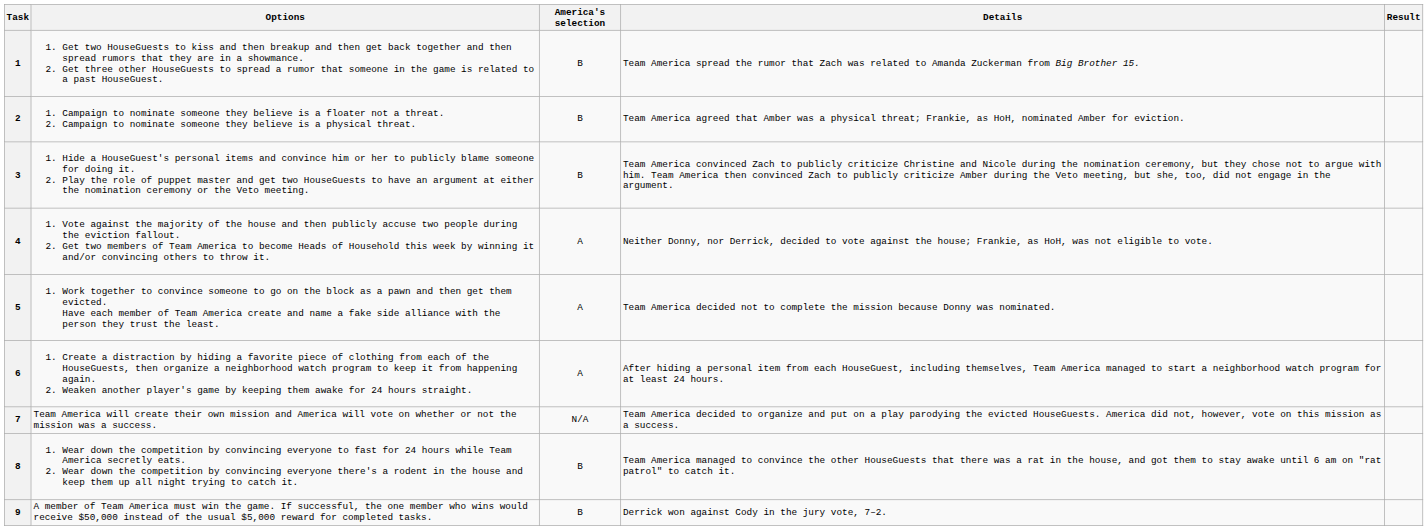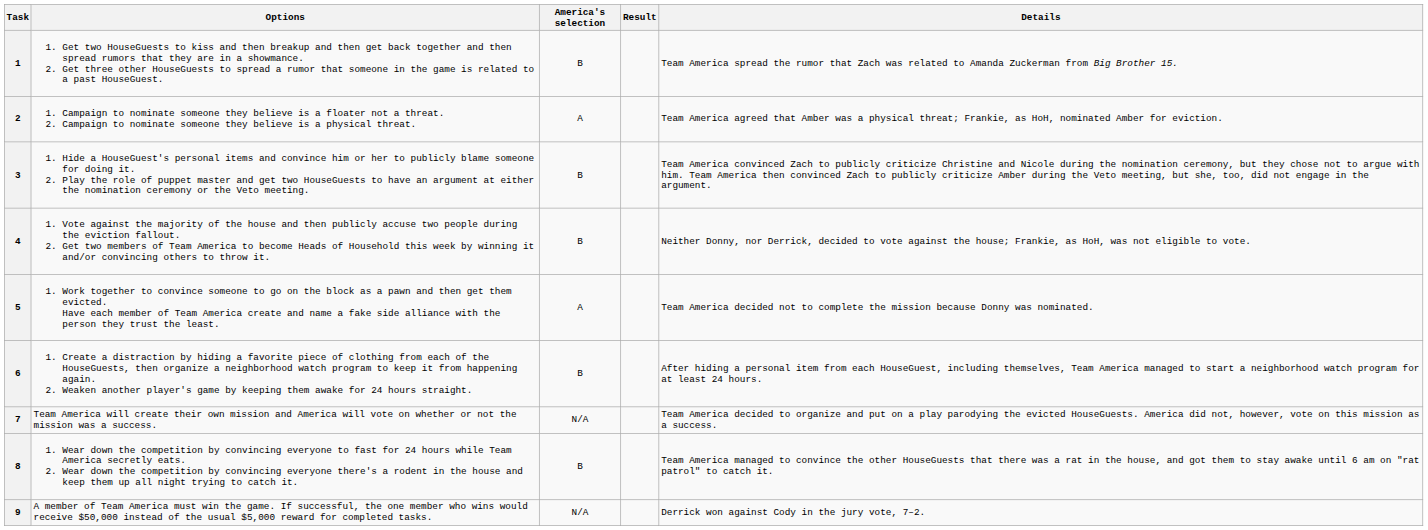 <table class="wikitable">
 <tr>
 <th scope="col">Task</th>
 <th scope="col">Options</th>
 <th scope="col">America's selection</th>
+<th scope="col">Result</th>
 <th scope="col">Details</th>
-<th scope="col">Result</th>
 </tr>
 <tr>
 <th scope="row">1</th>
 <td><ol><li>Get two HouseGuests to kiss and then breakup and then get back together and then spread rumors that they are in a showmance.</li><li>Get three other HouseGuests to spread a rumor that someone in the game is related to a past HouseGuest.</li></ol></td>
 <td style="text-align:center;">B</td>
+<td></td>
 <td>Team America spread the rumor that Zach was related to Amanda Zuckerman from <em>Big Brother 15.</em></td>
-<td></td>
 </tr>
 <tr>
 <th scope="row">2</th>
 <td><ol><li>Campaign to nominate someone they believe is a floater not a threat.</li><li>Campaign to nominate someone they believe is a physical threat.</li></ol></td>
-<td style="text-align:center;">B</td>
+<td style="text-align:center;">A</td>
+<td></td>
 <td>Team America agreed that Amber was a physical threat; Frankie, as HoH, nominated Amber for eviction.</td>
-<td></td>
 </tr>
 <tr>
 <th scope="row">3</th>
 <td><ol><li>Hide a HouseGuest's personal items and convince him or her to publicly blame someone for doing it.</li><li>Play the role of puppet master and get two HouseGuests to have an argument at either the nomination ceremony or the Veto meeting.</li></ol></td>
 <td style="text-align:center;">B</td>
+<td></td>
 <td>Team America convinced Zach to publicly criticize Christine and Nicole during the nomination ceremony, but they chose not to argue with him. Team America then convinced Zach to publicly criticize Amber during the Veto meeting, but she, too, did not engage in the argument.</td>
-<td></td>
 </tr>
 <tr>
 <th scope="row">4</th>
 <td><ol><li>Vote against the majority of the house and then publicly accuse two people during the eviction fallout.</li><li>Get two members of Team America to become Heads of Household this week by winning it and/or convincing others to throw it.</li></ol></td>
-<td style="text-align:center;">A</td>
+<td style="text-align:center;">B</td>
+<td></td>
 <td>Neither Donny, nor Derrick, decided to vote against the house; Frankie, as HoH, was not eligible to vote.</td>
-<td></td>
 </tr>
 <tr>
 <th scope="row">5</th>
 <td><ol><li>Work together to convince someone to go on the block as a pawn and then get them evicted.</li>Have each member of Team America create and name a fake side alliance with the person they trust the least.</ol></td>
 <td style="text-align:center;">A</td>
+<td></td>
 <td>Team America decided not to complete the mission because Donny was nominated.</td>
-<td></td>
 </tr>
 <tr>
 <th scope="row">6</th>
 <td><ol><li>Create a distraction by hiding a favorite piece of clothing from each of the HouseGuests, then organize a neighborhood watch program to keep it from happening again.</li><li>Weaken another player's game by keeping them awake for 24 hours straight.</li></ol></td>
-<td style="text-align:center;">A</td>
+<td style="text-align:center;">B</td>
+<td></td>
 <td>After hiding a personal item from each HouseGuest, including themselves, Team America managed to start a neighborhood watch program for at least 24 hours.</td>
-<td></td>
 </tr>
 <tr>
 <th scope="row">7</th>
 <td>Team America will create their own mission and America will vote on whether or not the mission was a success.</td>
 <td style="text-align:center;">N/A</td>
+<td></td>
 <td>Team America decided to organize and put on a play parodying the evicted HouseGuests. America did not, however, vote on this mission as a success.</td>
-<td></td>
 </tr>
 <tr>
 <th scope="row">8</th>
 <td><ol><li>Wear down the competition by convincing everyone to fast for 24 hours while Team America secretly eats.</li><li>Wear down the competition by convincing everyone there's a rodent in the house and keep them up all night trying to catch it.</li></ol></td>
 <td style="text-align:center;">B</td>
+<td></td>
 <td>Team America managed to convince the other HouseGuests that there was a rat in the house, and got them to stay awake until 6 am on "rat patrol" to catch it.</td>
-<td></td>
 </tr>
 <tr>
 <th scope="row">9</th>
 <td>A member of Team America must win the game. If successful, the one member who wins would receive $50,000 instead of the usual $5,000 reward for completed tasks.</td>
-<td style="text-align:center;">B</td>
+<td style="text-align:center;">N/A</td>
+<td></td>
 <td>Derrick won against Cody in the jury vote, 7–2.</td>
-<td></td>
 </tr>
 </table>
